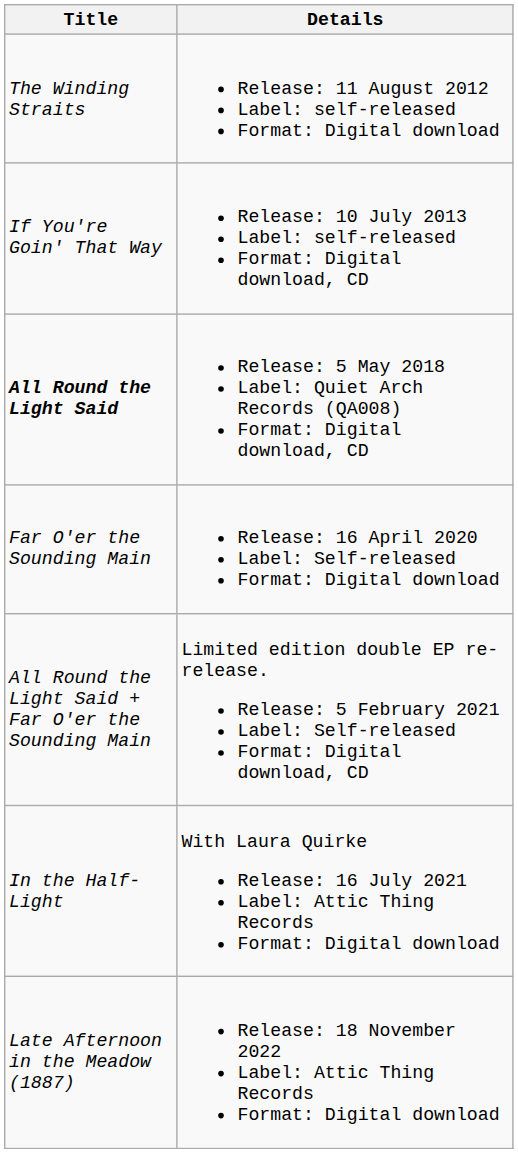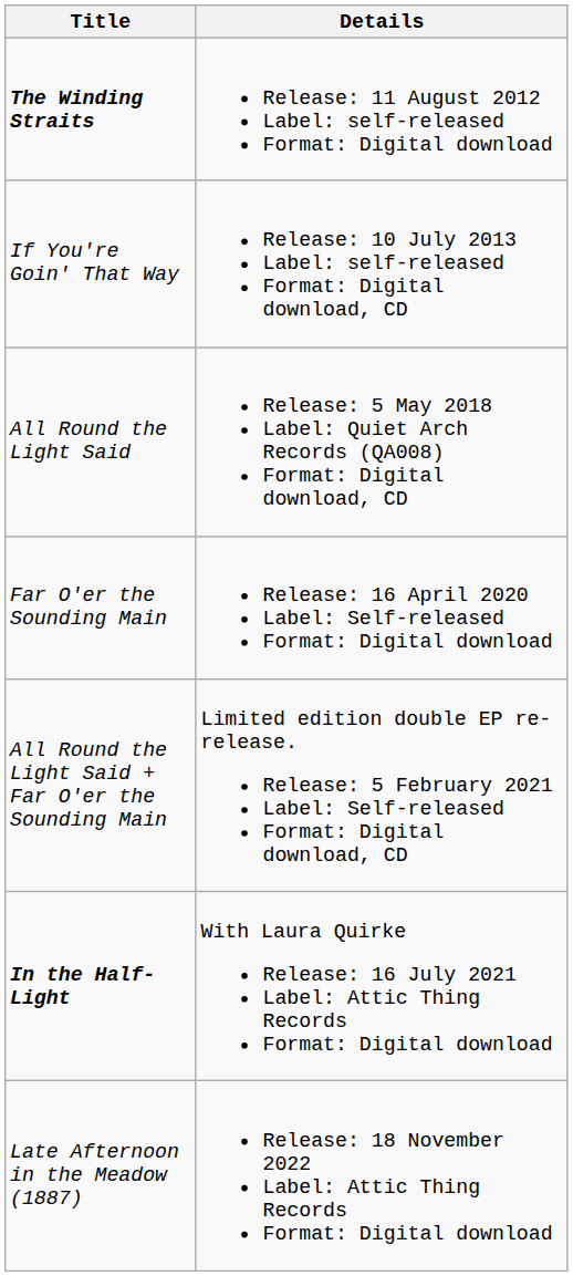 <table class="wikitable">
 <tr>
 <th style="width:9em;">Title</th>
 <th style="width:18em;">Details</th>
 </tr>
 <tr>
-<td><em>The Winding Straits</em></td>
+<td><strong><em>The Winding Straits</em></strong></td>
 <td><br><ul><li>Release: 11 August 2012</li><li>Label: self-released</li><li>Format: Digital download</li></ul></td>
 </tr>
 <tr>
 <td><em>If You're Goin' That Way</em></td>
 <td><br><ul><li>Release: 10 July 2013</li><li>Label: self-released</li><li>Format: Digital download, CD</li></ul></td>
 </tr>
 <tr>
-<td><strong><em>All Round the Light Said</em></strong></td>
+<td><em>All Round the Light Said</em></td>
 <td><br><ul><li>Release: 5 May 2018</li><li>Label: Quiet Arch Records (QA008)</li><li>Format: Digital download, CD</li></ul></td>
 </tr>
 <tr>
 <td><em>Far O'er the Sounding Main</em></td>
 <td><br><ul><li>Release:  16 April 2020</li><li>Label: Self-released</li><li>Format: Digital download</li></ul></td>
 </tr>
 <tr>
 <td><em>All Round the Light Said + Far O'er the Sounding Main</em></td>
 <td><br>Limited edition double EP re-release.<ul><li>Release: 5 February 2021</li><li>Label: Self-released</li><li>Format: Digital download, CD</li></ul></td>
 </tr>
 <tr>
-<td><em>In the Half-Light</em></td>
+<td><strong><em>In the Half-Light</em></strong></td>
 <td><br>With Laura Quirke<ul><li>Release: 16 July 2021</li><li>Label: Attic Thing Records</li><li>Format: Digital download</li></ul></td>
 </tr>
 <tr>
 <td><em>Late Afternoon in the Meadow (1887)</em></td>
 <td><br><ul><li>Release: 18 November 2022</li><li>Label: Attic Thing Records</li><li>Format: Digital download</li></ul></td>
 </tr>
 </table>
